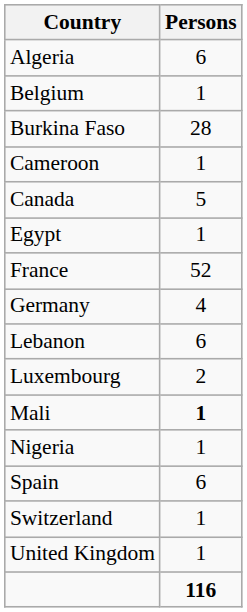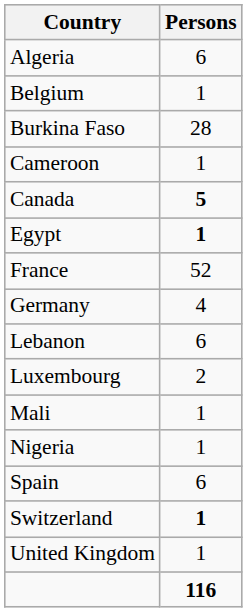 <table class="sortable wikitable floatright" style="font-size: 85%;">
 <tr>
 <th>Country</th>
 <th>Persons</th>
 </tr>
 <tr>
 <td>Algeria</td>
 <td style="text-align:center;">6</td>
 </tr>
 <tr>
 <td>Belgium</td>
 <td style="text-align:center;">1</td>
 </tr>
 <tr>
 <td>Burkina Faso</td>
 <td style="text-align:center;">28</td>
 </tr>
 <tr>
 <td>Cameroon</td>
 <td style="text-align:center;">1</td>
 </tr>
 <tr>
 <td>Canada</td>
-<td style="text-align:center;">5</td>
+<td style="text-align:center;"><strong>5</strong></td>
 </tr>
 <tr>
 <td>Egypt</td>
-<td style="text-align:center;">1</td>
+<td style="text-align:center;"><strong>1</strong></td>
 </tr>
 <tr>
 <td>France</td>
 <td style="text-align:center;">52</td>
 </tr>
 <tr>
 <td>Germany</td>
 <td style="text-align:center;">4</td>
 </tr>
 <tr>
 <td>Lebanon</td>
 <td style="text-align:center;">6</td>
 </tr>
 <tr>
 <td>Luxembourg</td>
 <td style="text-align:center;">2</td>
 </tr>
 <tr>
 <td>Mali</td>
-<td style="text-align:center;"><strong>1</strong></td>
+<td style="text-align:center;">1</td>
 </tr>
 <tr>
 <td>Nigeria</td>
 <td style="text-align:center;">1</td>
 </tr>
 <tr>
 <td>Spain</td>
 <td style="text-align:center;">6</td>
 </tr>
 <tr>
 <td>Switzerland</td>
-<td style="text-align:center;">1</td>
+<td style="text-align:center;"><strong>1</strong></td>
 </tr>
 <tr>
 <td>United Kingdom</td>
 <td style="text-align:center;">1</td>
 </tr>
 <tr class="sortbottom">
 <td></td>
 <td style="text-align:center;"><strong>116</strong></td>
 </tr>
 </table>
